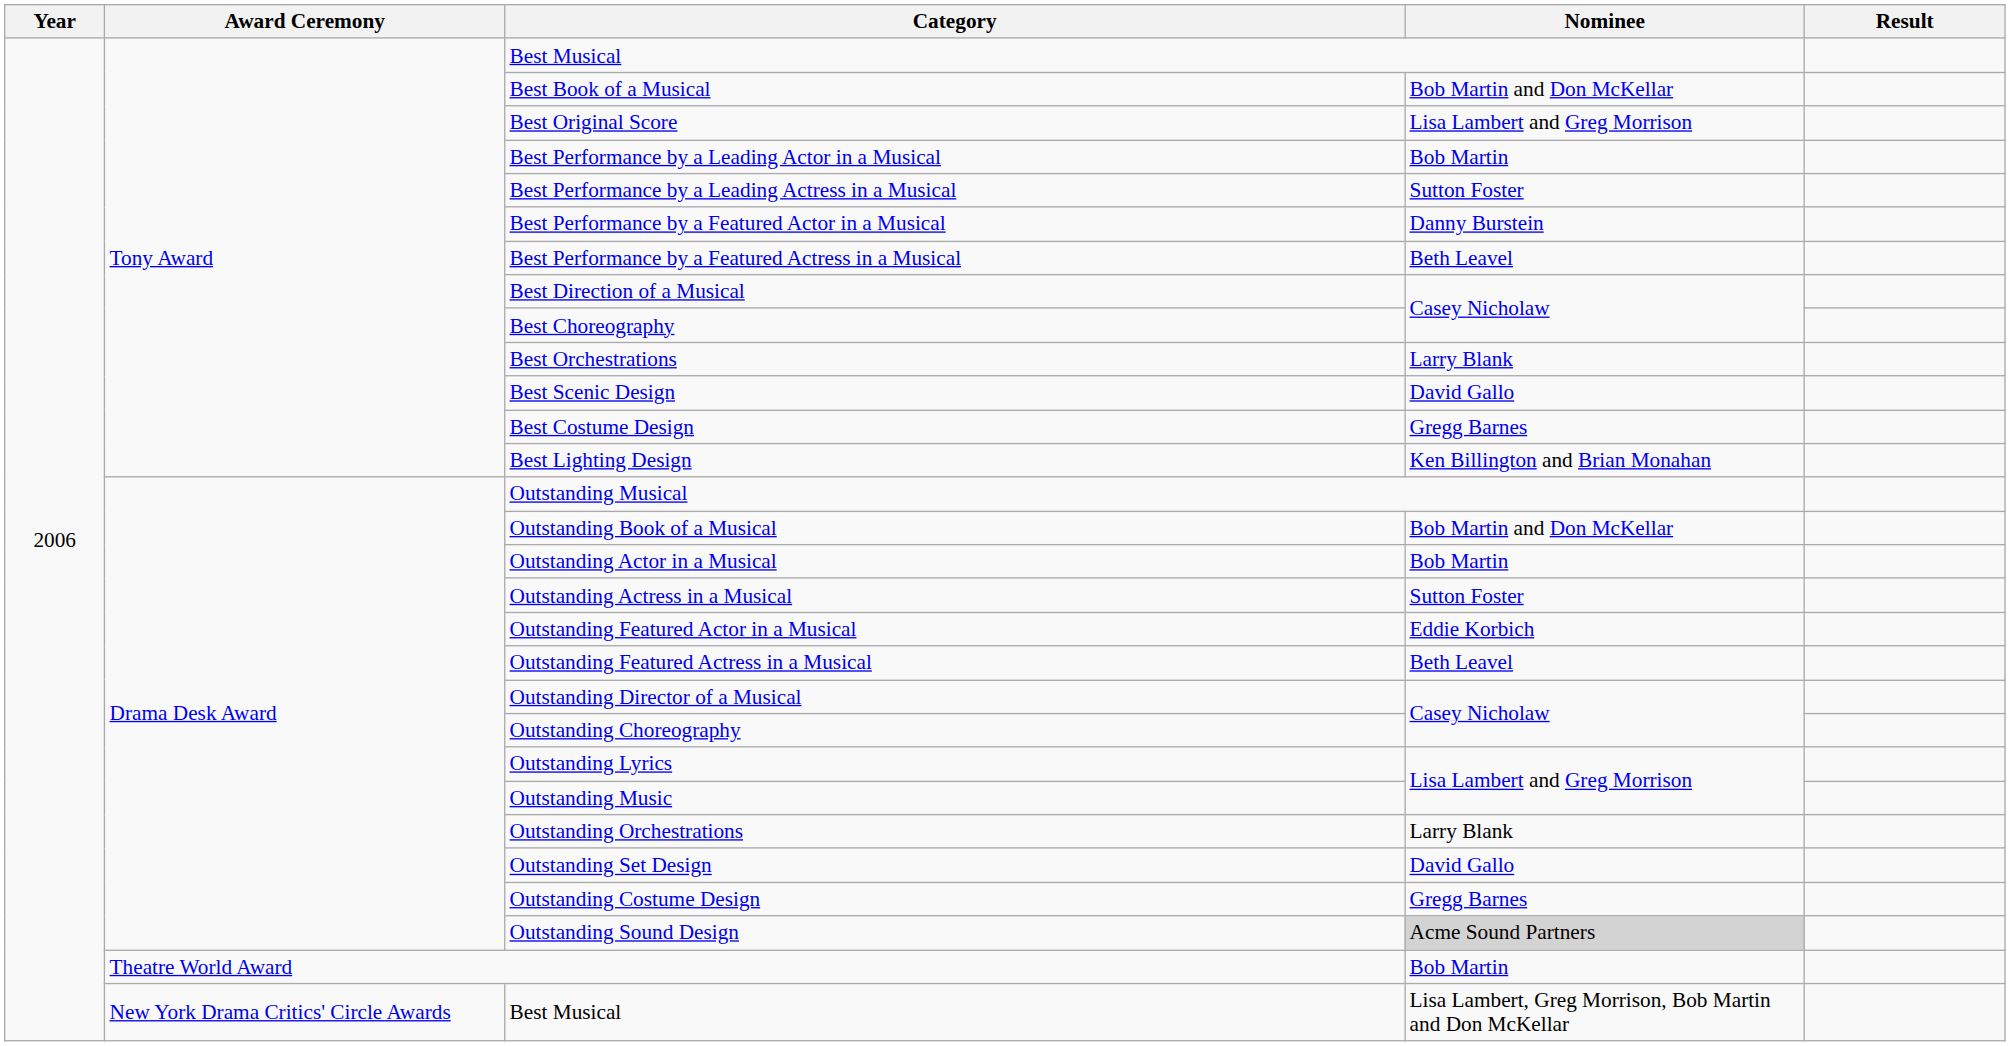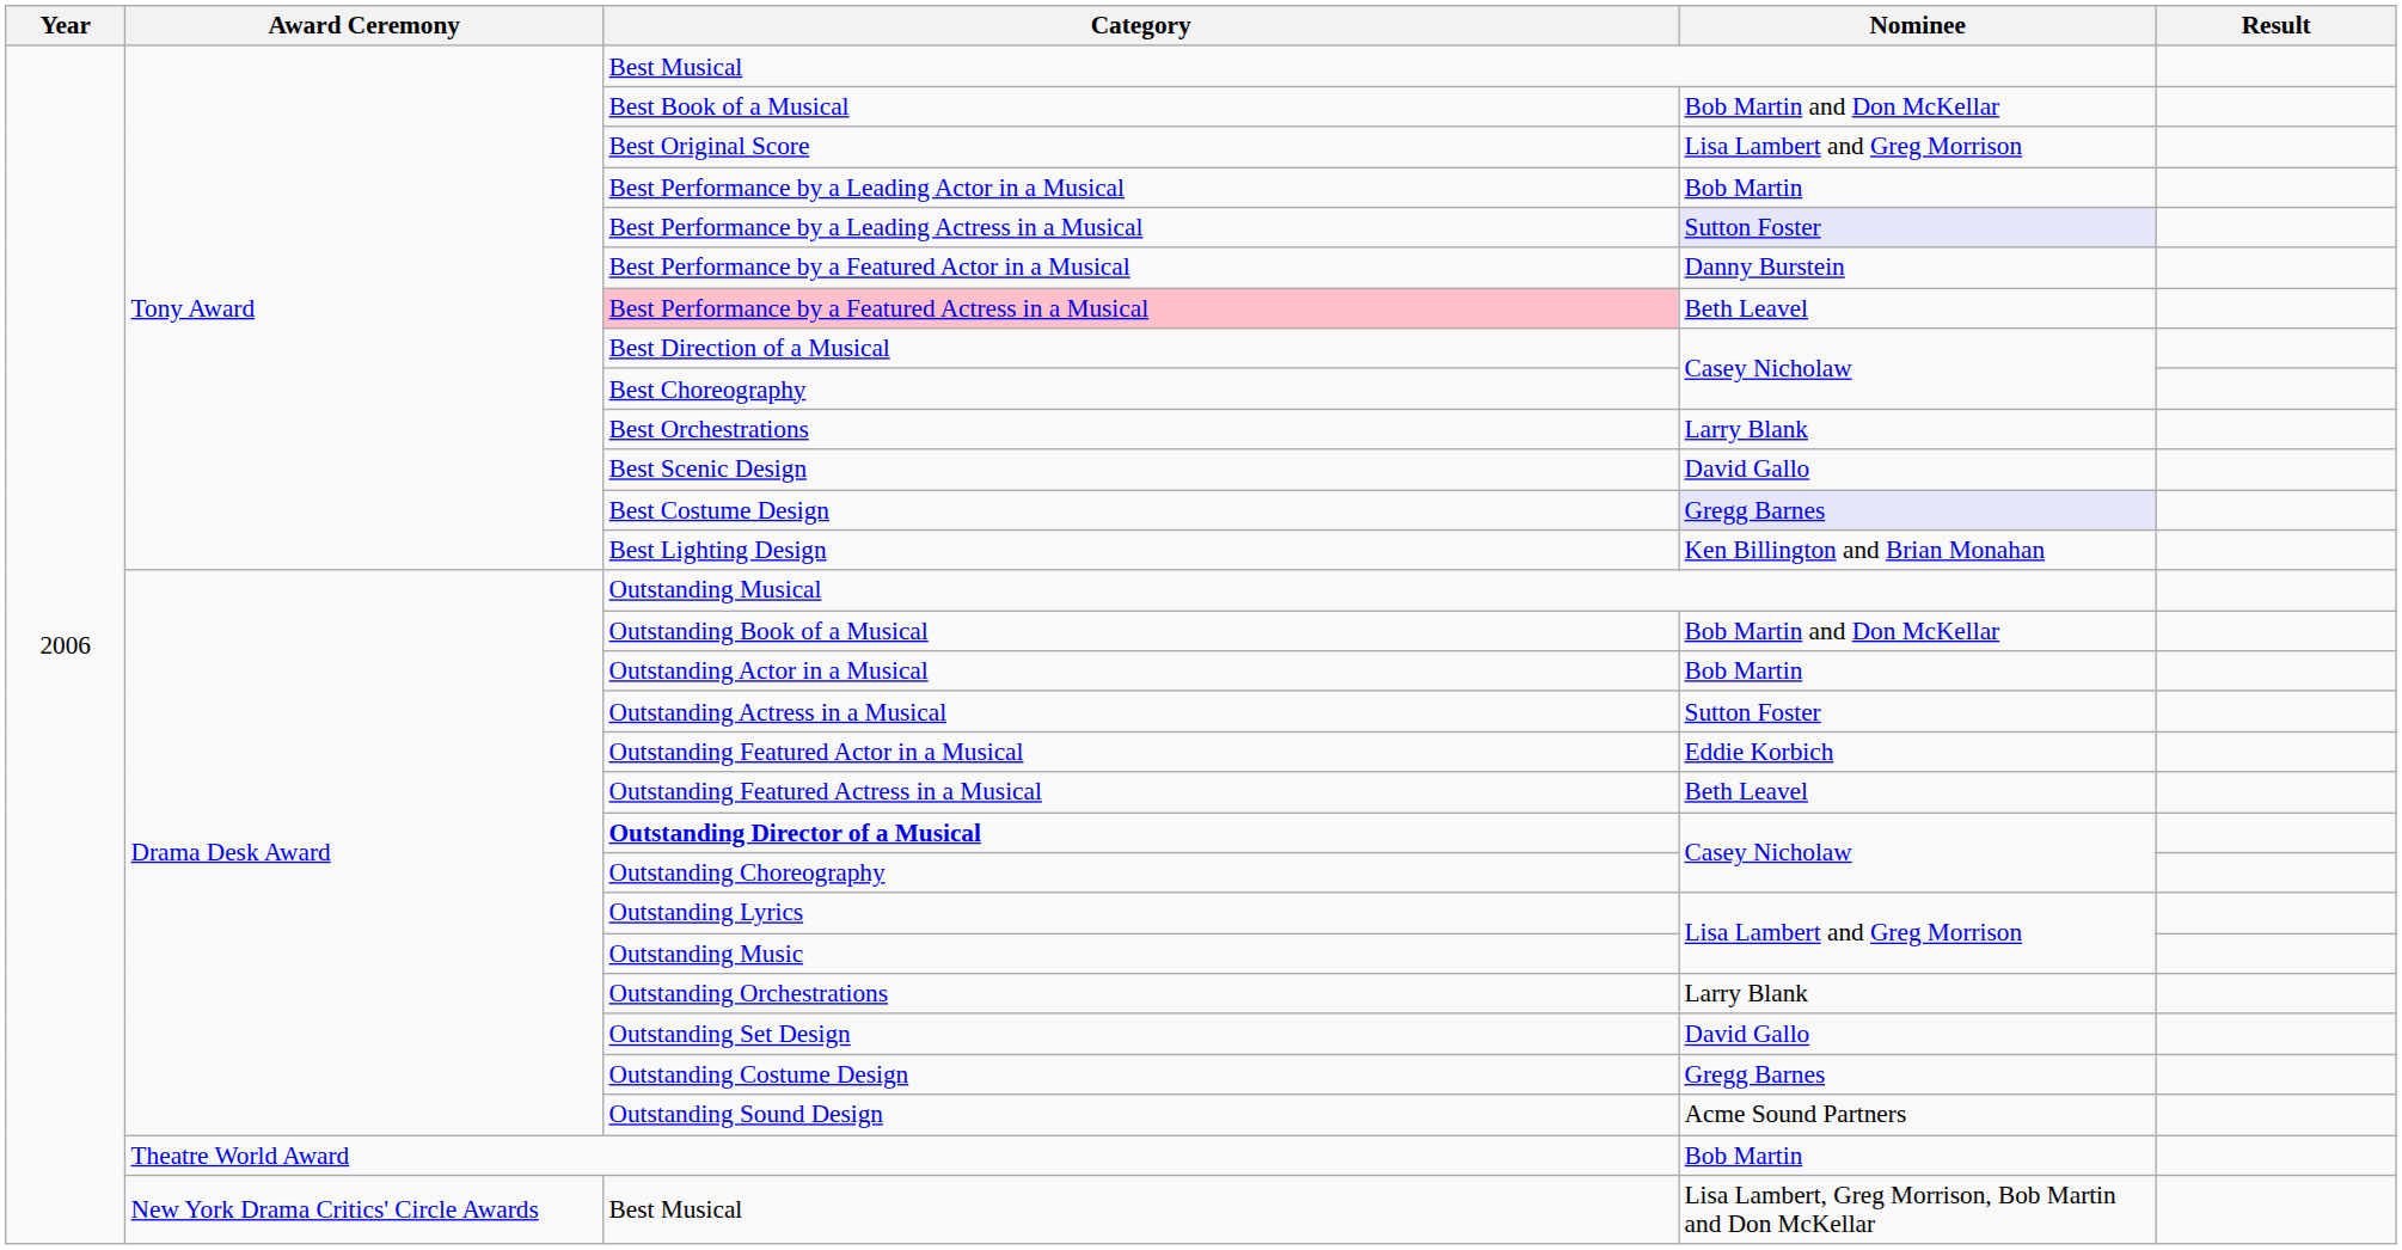 <table class="wikitable" width="95%">
 <tr>
 <th width="5%">Year</th>
 <th width="20%">Award Ceremony</th>
 <th width="45%">Category</th>
 <th width="20%">Nominee</th>
 <th width="10%">Result</th>
 </tr>
 <tr>
 <td rowspan=29 align="center">2006</td>
 <td rowspan="13"><a href='#'>Tony Award</a></td>
 <td colspan="2"><a href='#'>Best Musical</a></td>
 <td></td>
 </tr>
 <tr>
 <td><a href='#'>Best Book of a Musical</a></td>
 <td><a href='#'>Bob Martin</a> and <a href='#'>Don McKellar</a></td>
 <td></td>
 </tr>
 <tr>
 <td><a href='#'>Best Original Score</a></td>
 <td><a href='#'>Lisa Lambert</a> and <a href='#'>Greg Morrison</a></td>
 <td></td>
 </tr>
 <tr>
 <td><a href='#'>Best Performance by a Leading Actor in a Musical</a></td>
 <td><a href='#'>Bob Martin</a></td>
 <td></td>
 </tr>
 <tr>
 <td><a href='#'>Best Performance by a Leading Actress in a Musical</a></td>
-<td><a href='#'>Sutton Foster</a></td>
+<td style="background: lavender;"><a href='#'>Sutton Foster</a></td>
 <td></td>
 </tr>
 <tr>
 <td><a href='#'>Best Performance by a Featured Actor in a Musical</a></td>
 <td><a href='#'>Danny Burstein</a></td>
 <td></td>
 </tr>
 <tr>
-<td><a href='#'>Best Performance by a Featured Actress in a Musical</a></td>
+<td style="background: pink;"><a href='#'>Best Performance by a Featured Actress in a Musical</a></td>
 <td><a href='#'>Beth Leavel</a></td>
 <td></td>
 </tr>
 <tr>
 <td><a href='#'>Best Direction of a Musical</a></td>
 <td rowspan="2"><a href='#'>Casey Nicholaw</a></td>
 <td></td>
 </tr>
 <tr>
 <td><a href='#'>Best Choreography</a></td>
 <td></td>
 </tr>
 <tr>
 <td><a href='#'>Best Orchestrations</a></td>
 <td><a href='#'>Larry Blank</a></td>
 <td></td>
 </tr>
 <tr>
 <td><a href='#'>Best Scenic Design</a></td>
 <td><a href='#'>David Gallo</a></td>
 <td></td>
 </tr>
 <tr>
 <td><a href='#'>Best Costume Design</a></td>
-<td><a href='#'>Gregg Barnes</a></td>
+<td style="background: lavender;"><a href='#'>Gregg Barnes</a></td>
 <td></td>
 </tr>
 <tr>
 <td><a href='#'>Best Lighting Design</a></td>
 <td><a href='#'>Ken Billington</a> and <a href='#'>Brian Monahan</a></td>
 <td></td>
 </tr>
 <tr>
 <td rowspan="14"><a href='#'>Drama Desk Award</a></td>
 <td colspan="2"><a href='#'>Outstanding Musical</a></td>
 <td></td>
 </tr>
 <tr>
 <td><a href='#'>Outstanding Book of a Musical</a></td>
 <td><a href='#'>Bob Martin</a> and <a href='#'>Don McKellar</a></td>
 <td></td>
 </tr>
 <tr>
 <td><a href='#'>Outstanding Actor in a Musical</a></td>
 <td><a href='#'>Bob Martin</a></td>
 <td></td>
 </tr>
 <tr>
 <td><a href='#'>Outstanding Actress in a Musical</a></td>
 <td><a href='#'>Sutton Foster</a></td>
 <td></td>
 </tr>
 <tr>
 <td><a href='#'>Outstanding Featured Actor in a Musical</a></td>
 <td><a href='#'>Eddie Korbich</a></td>
 <td></td>
 </tr>
 <tr>
 <td><a href='#'>Outstanding Featured Actress in a Musical</a></td>
 <td><a href='#'>Beth Leavel</a></td>
 <td></td>
 </tr>
 <tr>
-<td><a href='#'>Outstanding Director of a Musical</a></td>
+<td><strong><a href='#'>Outstanding Director of a Musical</a></strong></td>
 <td rowspan="2"><a href='#'>Casey Nicholaw</a></td>
 <td></td>
 </tr>
 <tr>
 <td><a href='#'>Outstanding Choreography</a></td>
 <td></td>
 </tr>
 <tr>
 <td><a href='#'>Outstanding Lyrics</a></td>
 <td rowspan="2"><a href='#'>Lisa Lambert</a> and <a href='#'>Greg Morrison</a></td>
 <td></td>
 </tr>
 <tr>
 <td><a href='#'>Outstanding Music</a></td>
 <td></td>
 </tr>
 <tr>
 <td><a href='#'>Outstanding Orchestrations</a></td>
 <td>Larry Blank</td>
 <td></td>
 </tr>
 <tr>
 <td><a href='#'>Outstanding Set Design</a></td>
 <td><a href='#'>David Gallo</a></td>
 <td></td>
 </tr>
 <tr>
 <td><a href='#'>Outstanding Costume Design</a></td>
 <td><a href='#'>Gregg Barnes</a></td>
 <td></td>
 </tr>
 <tr>
 <td><a href='#'>Outstanding Sound Design</a></td>
-<td style="background: lightgrey;">Acme Sound Partners</td>
+<td>Acme Sound Partners</td>
 <td></td>
 </tr>
 <tr>
 <td colspan=2><a href='#'>Theatre World Award</a></td>
 <td><a href='#'>Bob Martin</a></td>
 <td></td>
 </tr>
 <tr>
 <td><a href='#'>New York Drama Critics' Circle Awards</a></td>
 <td>Best Musical</td>
 <td>Lisa Lambert, Greg Morrison, Bob Martin and Don McKellar</td>
 <td></td>
 </tr>
 </table>
